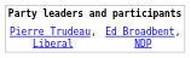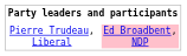 <table style="border: solid 1px #bbb; margin: 0 0 0 1.4em; float:right; font-size:90%; text-align:center">
 <tr>
 <th colspan="3">Party leaders and participants</th>
 </tr>
 <tr>
 <td></td>
 <td></td>
 <td></td>
 </tr>
 <tr>
 <td><a href='#'>Pierre Trudeau</a>, <br><a href='#'>Liberal</a></td>
 <td></td>
-<td><a href='#'>Ed Broadbent</a>, <br> <a href='#'>NDP</a></td>
+<td style="background: pink;"><a href='#'>Ed Broadbent</a>, <br> <a href='#'>NDP</a></td>
 </tr>
 </table>
